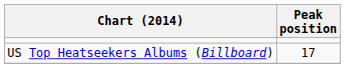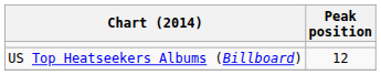 <table class="wikitable sortable plainrowheaders">
 <tr>
 <th scope="col">Chart (2014)</th>
 <th scope="col">Peak<br>position</th>
 </tr>
 <tr>
 <td></td>
 </tr>
 <tr>
 <td scope="col">US <a href='#'>Top Heatseekers Albums</a> (<em><a href='#'>Billboard</a></em>)</td>
-<td style="text-align:center;">17</td>
+<td style="text-align:center;">12</td>
 </tr>
 <tr>
 </tr>
 </table>
